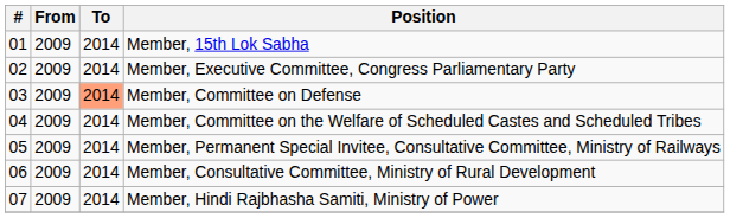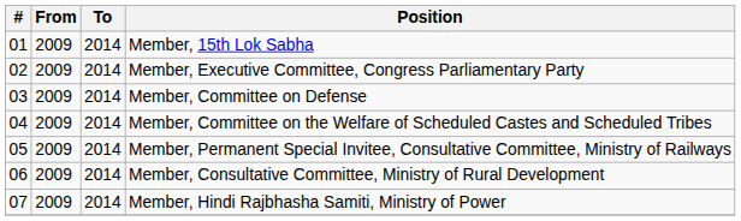 <table class="wikitable sortable">
 <tr>
 <th>#</th>
 <th>From</th>
 <th>To</th>
 <th>Position</th>
 </tr>
 <tr>
 <td>01</td>
 <td>2009</td>
 <td>2014</td>
 <td>Member, <a href='#'>15th Lok Sabha</a></td>
 </tr>
 <tr>
 <td>02</td>
 <td>2009</td>
 <td>2014</td>
 <td>Member, Executive Committee, Congress Parliamentary Party</td>
 </tr>
 <tr>
 <td>03</td>
 <td>2009</td>
-<td style="background: lightsalmon;">2014</td>
+<td>2014</td>
 <td>Member, Committee on Defense</td>
 </tr>
 <tr>
 <td>04</td>
 <td>2009</td>
 <td>2014</td>
 <td>Member, Committee on the Welfare of Scheduled Castes and Scheduled Tribes</td>
 </tr>
 <tr>
 <td>05</td>
 <td>2009</td>
 <td>2014</td>
 <td>Member, Permanent Special Invitee, Consultative Committee, Ministry of Railways</td>
 </tr>
 <tr>
 <td>06</td>
 <td>2009</td>
 <td>2014</td>
 <td>Member, Consultative Committee, Ministry of Rural Development</td>
 </tr>
 <tr>
 <td>07</td>
 <td>2009</td>
 <td>2014</td>
 <td>Member, Hindi Rajbhasha Samiti, Ministry of Power</td>
 </tr>
 <tr>
 </tr>
 </table>
